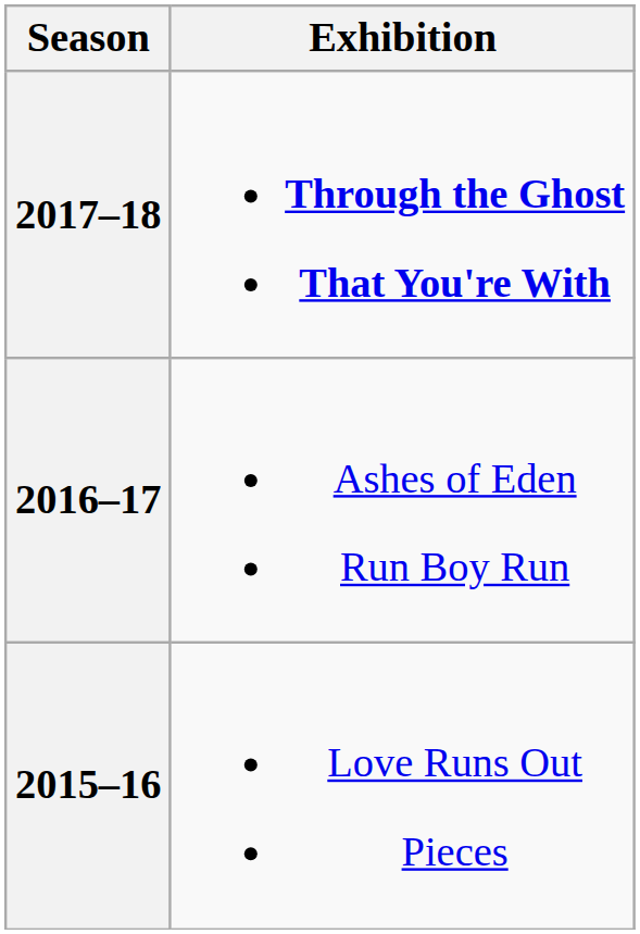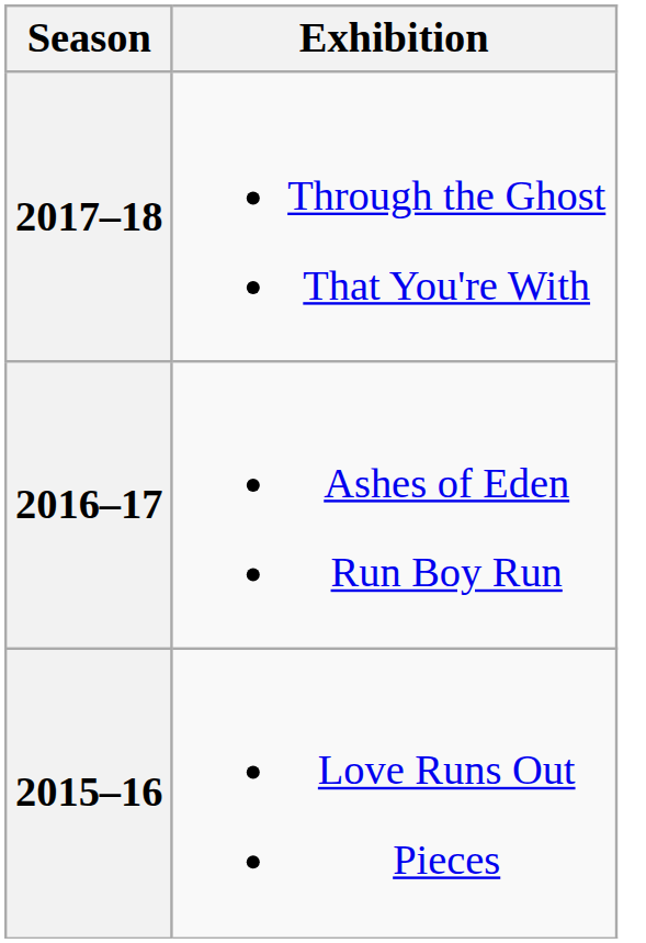 <table class=wikitable style=text-align:center>
 <tr>
 <th>Season</th>
 <th>Exhibition</th>
 </tr>
 <tr>
 <th>2017–18</th>
-<td><strong><br><ul><li><a href='#'>Through the Ghost</a> </li></ul><ul><li><a href='#'>That You're With</a> </li></ul></strong></td>
+<td><br><ul><li><a href='#'>Through the Ghost</a> </li></ul><ul><li><a href='#'>That You're With</a> </li></ul></td>
 </tr>
 <tr>
 <th>2016–17</th>
 <td><br><ul><li><a href='#'>Ashes of Eden</a> </li></ul><ul><li><a href='#'>Run Boy Run</a> </li></ul></td>
 </tr>
 <tr>
 <th>2015–16</th>
 <td><br><ul><li><a href='#'>Love Runs Out</a> </li></ul><ul><li><a href='#'>Pieces</a> </li></ul></td>
 </tr>
 </table>
